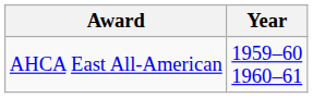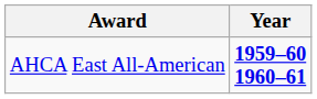 <table class="wikitable">
 <tr>
 <th>Award</th>
 <th>Year</th>
 </tr>
 <tr>
 <td><a href='#'>AHCA</a> <a href='#'>East All-American</a></td>
-<td><a href='#'>1959–60</a><br><a href='#'>1960–61</a></td>
+<td><strong><a href='#'>1959–60</a><br><a href='#'>1960–61</a></strong></td>
 </tr>
 </table>
